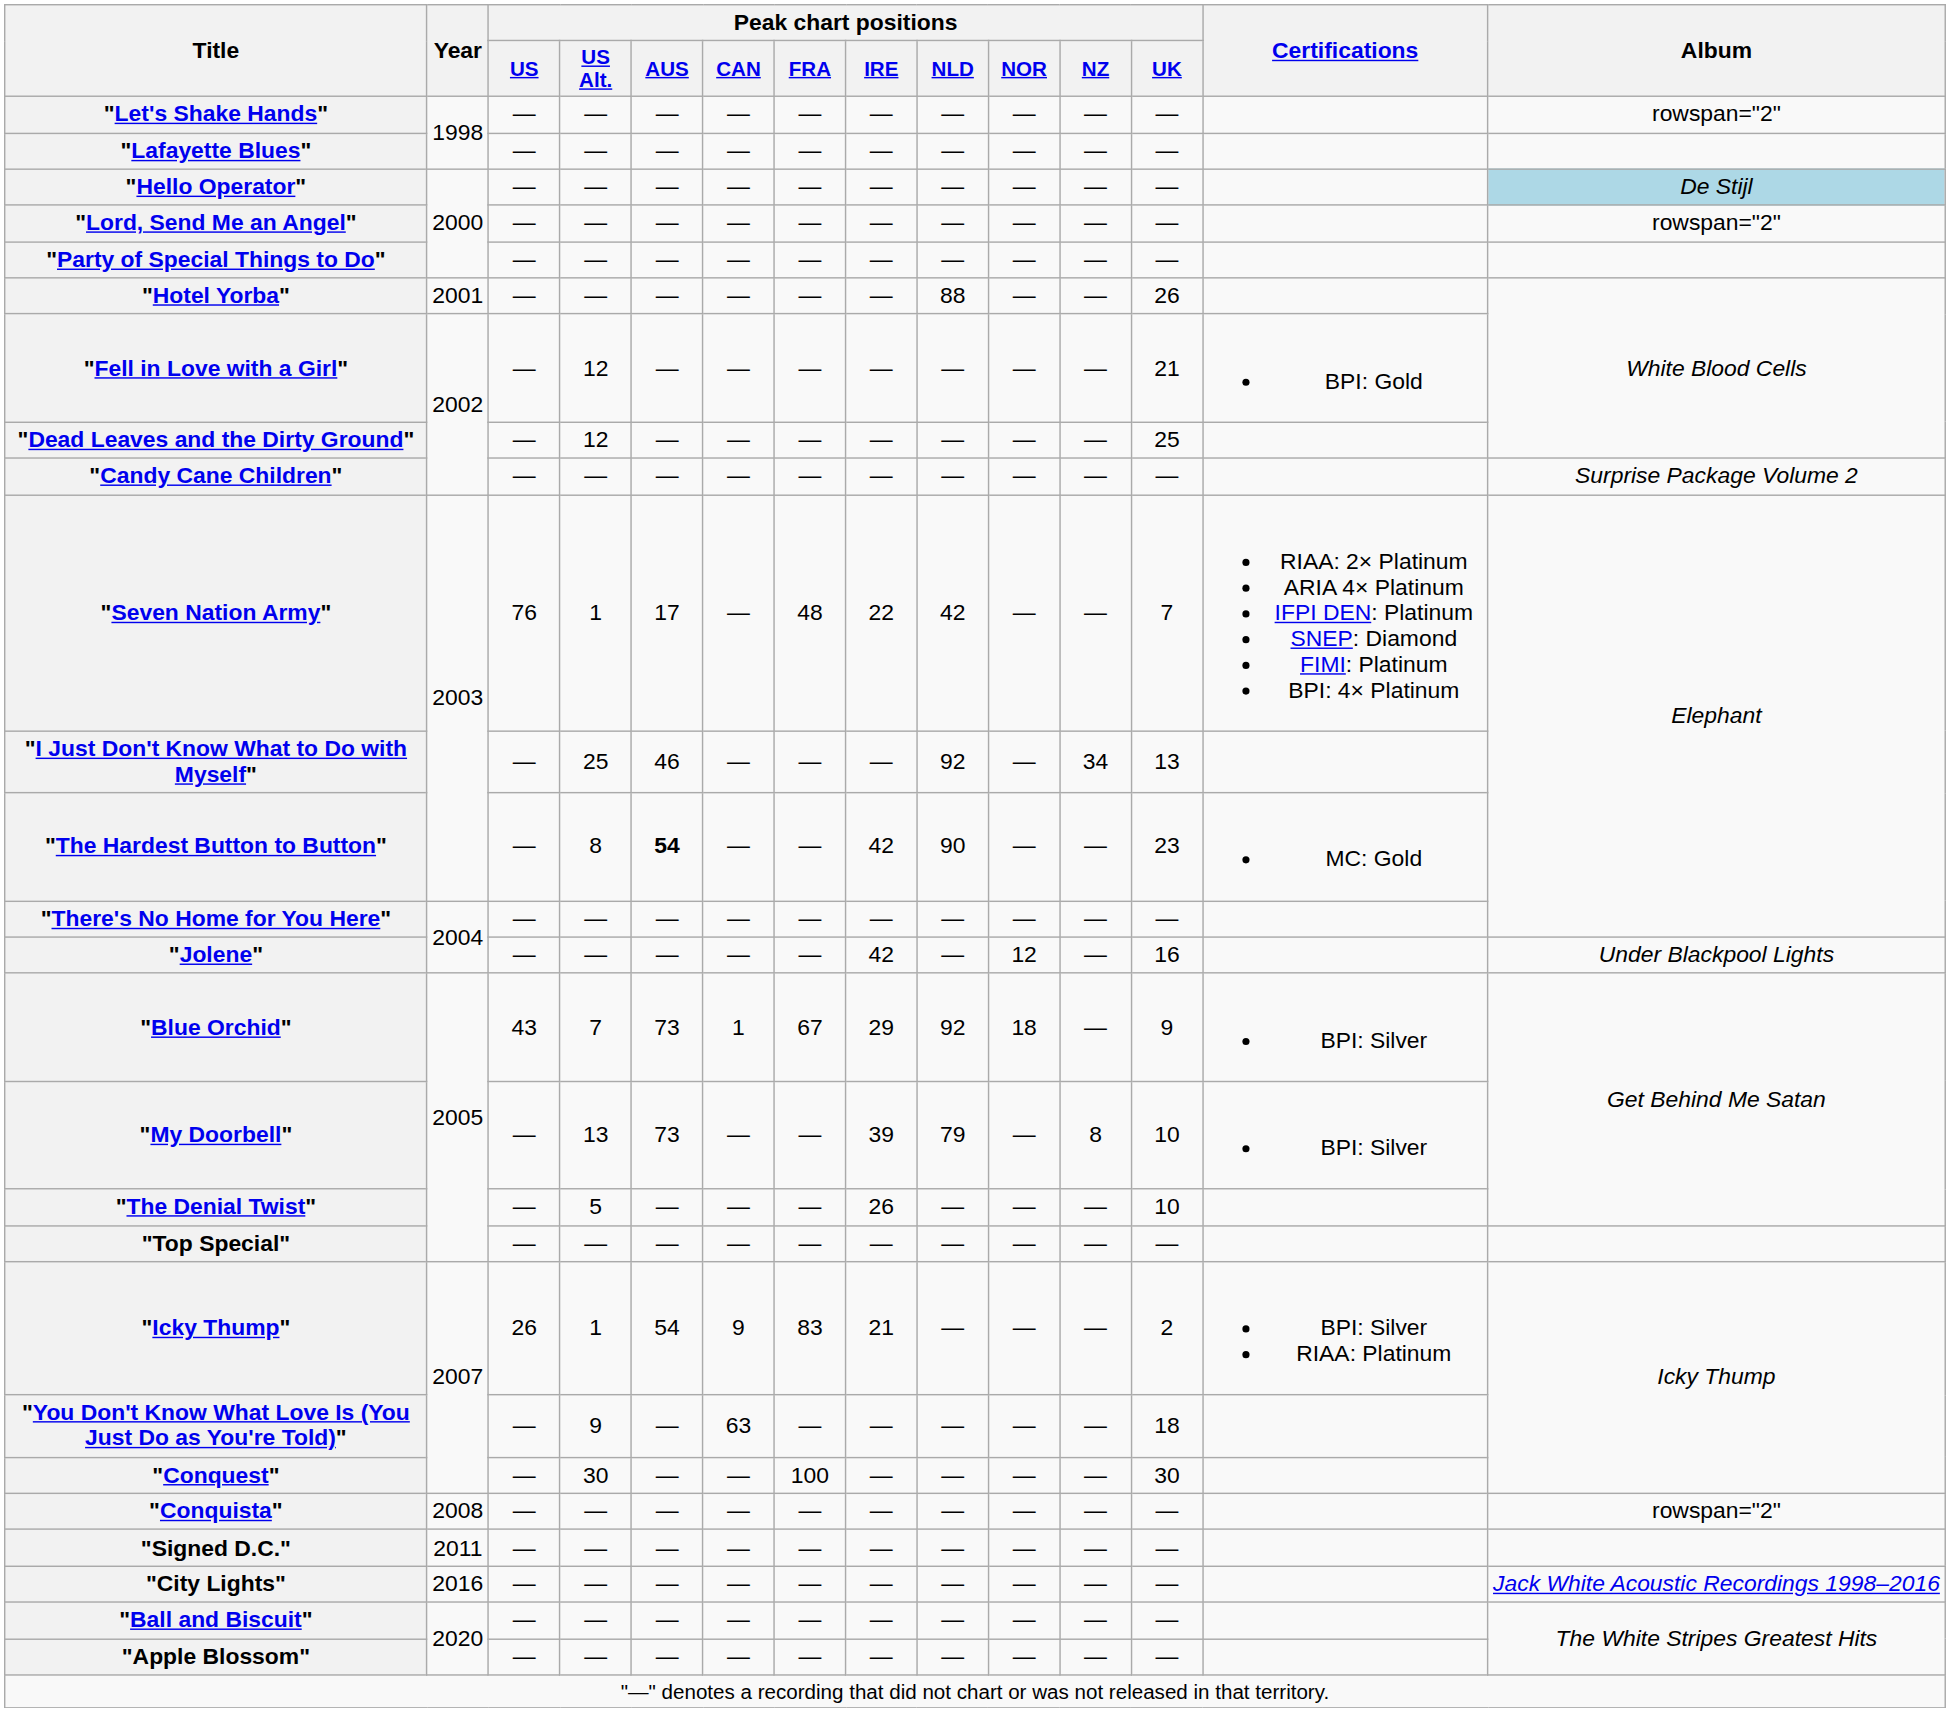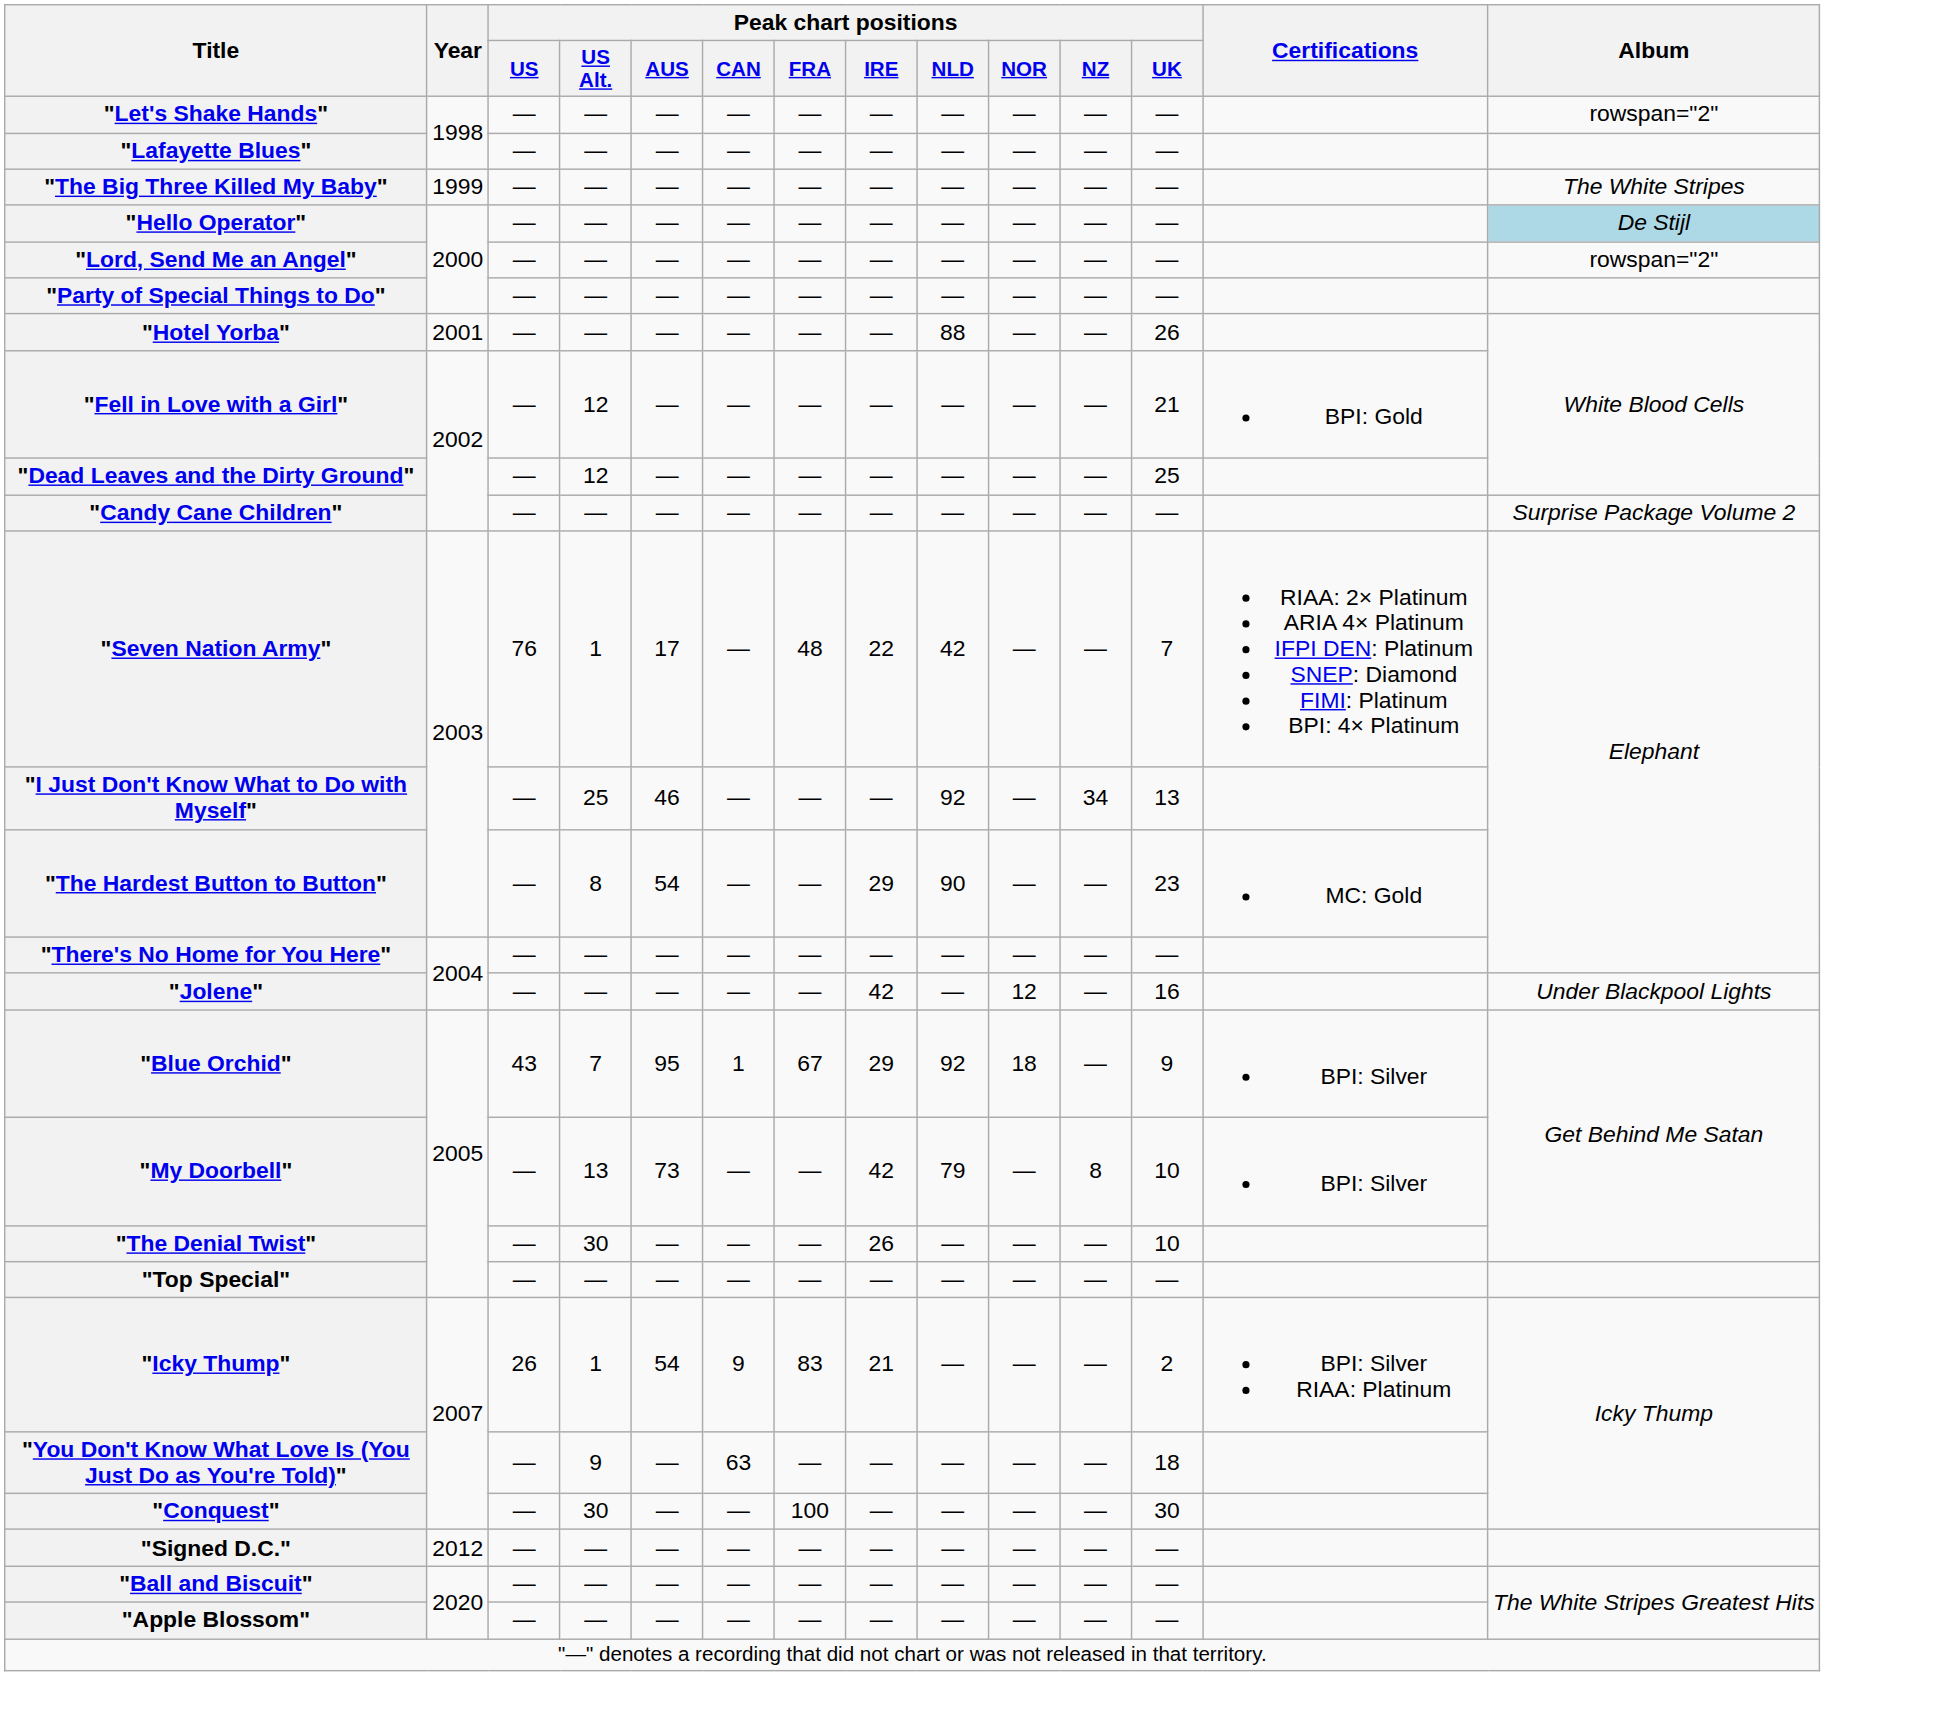 <table class="wikitable plainrowheaders" style="text-align:center;" border="1">
 <tr>
 <th scope="col" rowspan="2" style="width:18em;">Title</th>
 <th scope="col" rowspan="2">Year</th>
 <th scope="col" colspan="10">Peak chart positions</th>
 <th scope="col" rowspan="2" style="width:12em;"><a href='#'>Certifications</a></th>
 <th scope="col" rowspan="2">Album</th>
 </tr>
 <tr>
 <th scope="col" style="width:3em;font-size:90%;"><a href='#'>US</a><br></th>
 <th scope="col" style="width:3em;font-size:90%;"><a href='#'>US<br>Alt.</a><br></th>
 <th scope="col" style="width:3em;font-size:90%;"><a href='#'>AUS</a><br></th>
 <th scope="col" style="width:3em;font-size:90%;"><a href='#'>CAN</a><br></th>
 <th scope="col" style="width:3em;font-size:90%;"><a href='#'>FRA</a><br></th>
 <th scope="col" style="width:3em;font-size:90%;"><a href='#'>IRE</a><br></th>
 <th scope="col" style="width:3em;font-size:90%;"><a href='#'>NLD</a><br></th>
 <th scope="col" style="width:3em;font-size:90%;"><a href='#'>NOR</a><br></th>
 <th scope="col" style="width:3em;font-size:90%;"><a href='#'>NZ</a><br></th>
 <th scope="col" style="width:3em;font-size:90%;"><a href='#'>UK</a><br></th>
 </tr>
 <tr>
 <th scope="row">"<a href='#'>Let's Shake Hands</a>"</th>
 <td rowspan="2">1998</td>
 <td>—</td>
 <td>—</td>
 <td>—</td>
 <td>—</td>
 <td>—</td>
 <td>—</td>
 <td>—</td>
 <td>—</td>
 <td>—</td>
 <td>—</td>
 <td></td>
 <td>rowspan="2" </td>
 </tr>
 <tr>
 <th scope="row">"<a href='#'>Lafayette Blues</a>"</th>
 <td>—</td>
 <td>—</td>
 <td>—</td>
 <td>—</td>
 <td>—</td>
 <td>—</td>
 <td>—</td>
 <td>—</td>
 <td>—</td>
 <td>—</td>
 <td></td>
+</tr>
+<tr>
+<th scope="row">"<a href='#'>The Big Three Killed My Baby</a>"</th>
+<td>1999</td>
+<td>—</td>
+<td>—</td>
+<td>—</td>
+<td>—</td>
+<td>—</td>
+<td>—</td>
+<td>—</td>
+<td>—</td>
+<td>—</td>
+<td>—</td>
+<td></td>
+<td><em>The White Stripes</em></td>
 </tr>
 <tr>
 <th scope="row">"<a href='#'>Hello Operator</a>"</th>
 <td rowspan="3">2000</td>
 <td>—</td>
 <td>—</td>
 <td>—</td>
 <td>—</td>
 <td>—</td>
 <td>—</td>
 <td>—</td>
 <td>—</td>
 <td>—</td>
 <td>—</td>
 <td></td>
 <td style="background: lightblue;"><em>De Stijl</em></td>
 </tr>
 <tr>
 <th scope="row">"<a href='#'>Lord, Send Me an Angel</a>"</th>
 <td>—</td>
 <td>—</td>
 <td>—</td>
 <td>—</td>
 <td>—</td>
 <td>—</td>
 <td>—</td>
 <td>—</td>
 <td>—</td>
 <td>—</td>
 <td></td>
 <td>rowspan="2" </td>
 </tr>
 <tr>
 <th scope="row">"<a href='#'>Party of Special Things to Do</a>"</th>
 <td>—</td>
 <td>—</td>
 <td>—</td>
 <td>—</td>
 <td>—</td>
 <td>—</td>
 <td>—</td>
 <td>—</td>
 <td>—</td>
 <td>—</td>
 <td></td>
 </tr>
 <tr>
 <th scope="row">"<a href='#'>Hotel Yorba</a>"</th>
 <td>2001</td>
 <td>—</td>
 <td>—</td>
 <td>—</td>
 <td>—</td>
 <td>—</td>
 <td>—</td>
 <td>88</td>
 <td>—</td>
 <td>—</td>
 <td>26</td>
 <td></td>
 <td rowspan="3"><em>White Blood Cells</em></td>
 </tr>
 <tr>
 <th scope="row">"<a href='#'>Fell in Love with a Girl</a>"</th>
 <td rowspan="3">2002</td>
 <td>—</td>
 <td>12</td>
 <td>—</td>
 <td>—</td>
 <td>—</td>
 <td>—</td>
 <td>—</td>
 <td>—</td>
 <td>—</td>
 <td>21</td>
 <td><br><ul><li>BPI: Gold</li></ul></td>
 </tr>
 <tr>
 <th scope="row">"<a href='#'>Dead Leaves and the Dirty Ground</a>"</th>
 <td>—</td>
 <td>12</td>
 <td>—</td>
 <td>—</td>
 <td>—</td>
 <td>—</td>
 <td>—</td>
 <td>—</td>
 <td>—</td>
 <td>25</td>
 <td></td>
 </tr>
 <tr>
 <th scope="row">"<a href='#'>Candy Cane Children</a>"</th>
 <td>—</td>
 <td>—</td>
 <td>—</td>
 <td>—</td>
 <td>—</td>
 <td>—</td>
 <td>—</td>
 <td>—</td>
 <td>—</td>
 <td>—</td>
 <td></td>
 <td><em>Surprise Package Volume 2</em></td>
 </tr>
 <tr>
 <th scope="row">"<a href='#'>Seven Nation Army</a>"</th>
 <td rowspan="3">2003</td>
 <td>76</td>
 <td>1</td>
 <td>17</td>
 <td>—</td>
 <td>48</td>
 <td>22</td>
 <td>42</td>
 <td>—</td>
 <td>—</td>
 <td>7</td>
 <td><br><ul><li>RIAA: 2× Platinum</li><li>ARIA 4× Platinum</li><li><a href='#'>IFPI DEN</a>: Platinum</li><li><a href='#'>SNEP</a>: Diamond</li><li><a href='#'>FIMI</a>: Platinum</li><li>BPI: 4× Platinum</li></ul></td>
 <td rowspan="4"><em>Elephant</em></td>
 </tr>
 <tr>
 <th scope="row">"<a href='#'>I Just Don't Know What to Do with Myself</a>"</th>
 <td>—</td>
 <td>25</td>
 <td>46</td>
 <td>—</td>
 <td>—</td>
 <td>—</td>
 <td>92</td>
 <td>—</td>
 <td>34</td>
 <td>13</td>
 <td></td>
 </tr>
 <tr>
 <th scope="row">"<a href='#'>The Hardest Button to Button</a>"</th>
 <td>—</td>
 <td>8</td>
-<td><strong>54</strong></td>
+<td>54</td>
 <td>—</td>
 <td>—</td>
-<td>42</td>
+<td>29</td>
 <td>90</td>
 <td>—</td>
 <td>—</td>
 <td>23</td>
 <td><br><ul><li>MC: Gold</li></ul></td>
 </tr>
 <tr>
 <th scope="row">"<a href='#'>There's No Home for You Here</a>"</th>
 <td rowspan="2">2004</td>
 <td>—</td>
 <td>—</td>
 <td>—</td>
 <td>—</td>
 <td>—</td>
 <td>—</td>
 <td>—</td>
 <td>—</td>
 <td>—</td>
 <td>—</td>
 <td></td>
 </tr>
 <tr>
 <th scope="row">"<a href='#'>Jolene</a>"</th>
 <td>—</td>
 <td>—</td>
 <td>—</td>
 <td>—</td>
 <td>—</td>
 <td>42</td>
 <td>—</td>
 <td>12</td>
 <td>—</td>
 <td>16</td>
 <td></td>
 <td><em>Under Blackpool Lights</em></td>
 </tr>
 <tr>
 <th scope="row">"<a href='#'>Blue Orchid</a>"</th>
 <td rowspan="4">2005</td>
 <td>43</td>
 <td>7</td>
-<td>73</td>
+<td>95</td>
 <td>1</td>
 <td>67</td>
 <td>29</td>
 <td>92</td>
 <td>18</td>
 <td>—</td>
 <td>9</td>
 <td><br><ul><li>BPI: Silver</li></ul></td>
 <td rowspan="3"><em>Get Behind Me Satan</em></td>
 </tr>
 <tr>
 <th scope="row">"<a href='#'>My Doorbell</a>"</th>
 <td>—</td>
 <td>13</td>
 <td>73</td>
 <td>—</td>
 <td>—</td>
-<td>39</td>
+<td>42</td>
 <td>79</td>
 <td>—</td>
 <td>8</td>
 <td>10</td>
 <td><br><ul><li>BPI: Silver</li></ul></td>
 </tr>
 <tr>
 <th scope="row">"<a href='#'>The Denial Twist</a>"</th>
 <td>—</td>
-<td>5</td>
+<td>30</td>
 <td>—</td>
 <td>—</td>
 <td>—</td>
 <td>26</td>
 <td>—</td>
 <td>—</td>
 <td>—</td>
 <td>10</td>
 <td></td>
 </tr>
 <tr>
 <th scope="row">"Top Special"</th>
 <td>—</td>
 <td>—</td>
 <td>—</td>
 <td>—</td>
 <td>—</td>
 <td>—</td>
 <td>—</td>
 <td>—</td>
 <td>—</td>
 <td>—</td>
 <td></td>
 <td></td>
 </tr>
 <tr>
 <th scope="row">"<a href='#'>Icky Thump</a>"</th>
 <td rowspan="3">2007</td>
 <td>26</td>
 <td>1</td>
 <td>54</td>
 <td>9</td>
 <td>83</td>
 <td>21</td>
 <td>—</td>
 <td>—</td>
 <td>—</td>
 <td>2</td>
 <td><br><ul><li>BPI: Silver</li><li>RIAA: Platinum</li></ul></td>
 <td rowspan="3"><em>Icky Thump</em></td>
 </tr>
 <tr>
 <th scope="row">"<a href='#'>You Don't Know What Love Is (You Just Do as You're Told)</a>"</th>
 <td>—</td>
 <td>9</td>
 <td>—</td>
 <td>63</td>
 <td>—</td>
 <td>—</td>
 <td>—</td>
 <td>—</td>
 <td>—</td>
 <td>18</td>
 <td></td>
 </tr>
 <tr>
 <th scope="row">"<a href='#'>Conquest</a>"</th>
 <td>—</td>
 <td>30</td>
 <td>—</td>
 <td>—</td>
 <td>100</td>
 <td>—</td>
 <td>—</td>
 <td>—</td>
 <td>—</td>
 <td>30</td>
 <td></td>
 </tr>
 <tr>
-<th scope="row">"<a href='#'>Conquista</a>"</th>
-<td>2008</td>
+<th scope="row">"Signed D.C."</th>
+<td>2012</td>
 <td>—</td>
 <td>—</td>
 <td>—</td>
 <td>—</td>
 <td>—</td>
 <td>—</td>
 <td>—</td>
 <td>—</td>
 <td>—</td>
 <td>—</td>
 <td></td>
-<td>rowspan="2" </td>
-</tr>
-<tr>
-<th scope="row">"Signed D.C."</th>
-<td>2011</td>
-<td>—</td>
-<td>—</td>
-<td>—</td>
-<td>—</td>
-<td>—</td>
-<td>—</td>
-<td>—</td>
-<td>—</td>
-<td>—</td>
-<td>—</td>
-<td></td>
-</tr>
-<tr>
-<th scope="row">"City Lights"</th>
-<td>2016</td>
-<td>—</td>
-<td>—</td>
-<td>—</td>
-<td>—</td>
-<td>—</td>
-<td>—</td>
-<td>—</td>
-<td>—</td>
-<td>—</td>
-<td>—</td>
-<td></td>
-<td><em><a href='#'>Jack White Acoustic Recordings 1998–2016</a></em></td>
 </tr>
 <tr>
 <th scope="row">"<a href='#'>Ball and Biscuit</a>"</th>
 <td rowspan="2">2020</td>
 <td>—</td>
 <td>—</td>
 <td>—</td>
 <td>—</td>
 <td>—</td>
 <td>—</td>
 <td>—</td>
 <td>—</td>
 <td>—</td>
 <td>—</td>
 <td></td>
 <td rowspan="2"><em>The White Stripes Greatest Hits</em></td>
 </tr>
 <tr>
 <th scope="row">"Apple Blossom"</th>
 <td>—</td>
 <td>—</td>
 <td>—</td>
 <td>—</td>
 <td>—</td>
 <td>—</td>
 <td>—</td>
 <td>—</td>
 <td>—</td>
 <td>—</td>
 <td></td>
 </tr>
 <tr>
 <td colspan="14" style="font-size:90%">"—" denotes a recording that did not chart or was not released in that territory.</td>
 </tr>
 </table>
